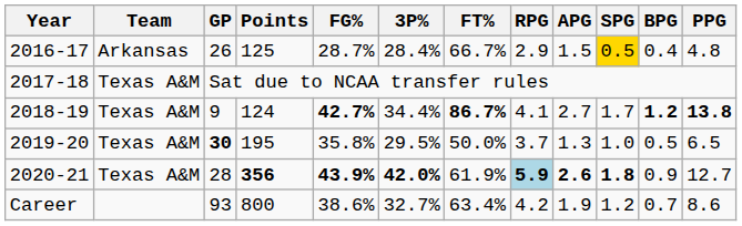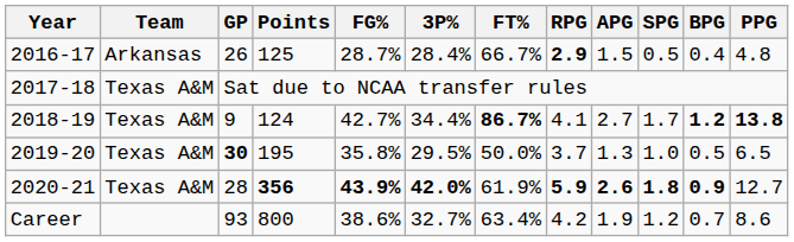 <table class="wikitable">
 <tr>
 <th>Year</th>
 <th>Team</th>
 <th>GP</th>
 <th>Points</th>
 <th>FG%</th>
 <th>3P%</th>
 <th>FT%</th>
 <th>RPG</th>
 <th>APG</th>
 <th>SPG</th>
 <th>BPG</th>
 <th>PPG</th>
 </tr>
 <tr>
 <td>2016-17</td>
 <td>Arkansas</td>
 <td>26</td>
 <td>125</td>
 <td>28.7%</td>
 <td>28.4%</td>
 <td>66.7%</td>
-<td>2.9</td>
+<td><strong>2.9</strong></td>
 <td>1.5</td>
-<td style="background: gold;">0.5</td>
+<td>0.5</td>
 <td>0.4</td>
 <td>4.8</td>
 </tr>
 <tr>
 <td>2017-18</td>
 <td>Texas A&M</td>
 <td colspan="10">Sat due to NCAA transfer rules</td>
 </tr>
 <tr>
 <td>2018-19</td>
 <td>Texas A&M</td>
 <td>9</td>
 <td>124</td>
-<td><strong>42.7%</strong></td>
+<td>42.7%</td>
 <td>34.4%</td>
 <td><strong>86.7%</strong></td>
 <td>4.1</td>
 <td>2.7</td>
 <td>1.7</td>
 <td><strong>1.2</strong></td>
 <td><strong>13.8</strong></td>
 </tr>
 <tr>
 <td>2019-20</td>
 <td>Texas A&M</td>
 <td><strong>30</strong></td>
 <td>195</td>
 <td>35.8%</td>
 <td>29.5%</td>
 <td>50.0%</td>
 <td>3.7</td>
 <td>1.3</td>
 <td>1.0</td>
 <td>0.5</td>
 <td>6.5</td>
 </tr>
 <tr>
 <td>2020-21</td>
 <td>Texas A&M</td>
 <td>28</td>
 <td><strong>356</strong></td>
 <td><strong>43.9%</strong></td>
 <td><strong>42.0%</strong></td>
 <td>61.9%</td>
-<td style="background: lightblue;"><strong>5.9</strong></td>
+<td><strong>5.9</strong></td>
 <td><strong>2.6</strong></td>
 <td><strong>1.8</strong></td>
-<td>0.9</td>
+<td><strong>0.9</strong></td>
 <td>12.7</td>
 </tr>
 <tr>
 <td>Career</td>
 <td></td>
 <td>93</td>
 <td>800</td>
 <td>38.6%</td>
 <td>32.7%</td>
 <td>63.4%</td>
 <td>4.2</td>
 <td>1.9</td>
 <td>1.2</td>
 <td>0.7</td>
 <td>8.6</td>
 </tr>
 </table>
